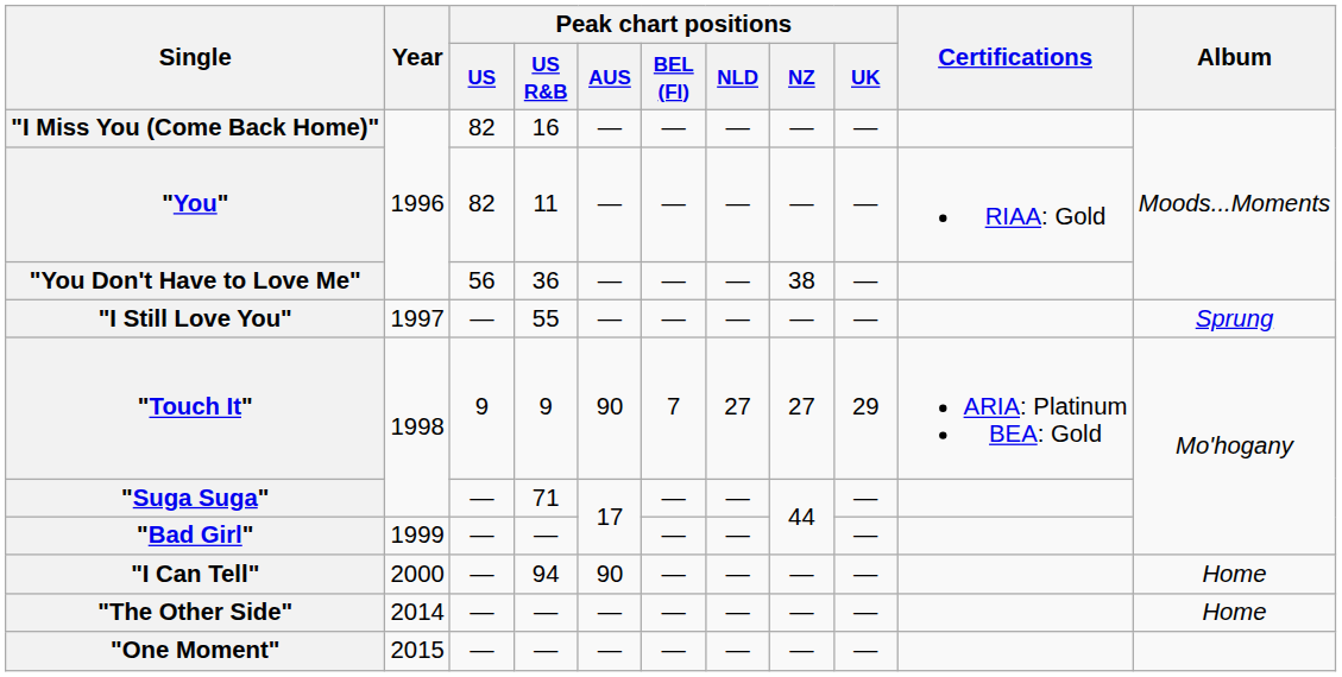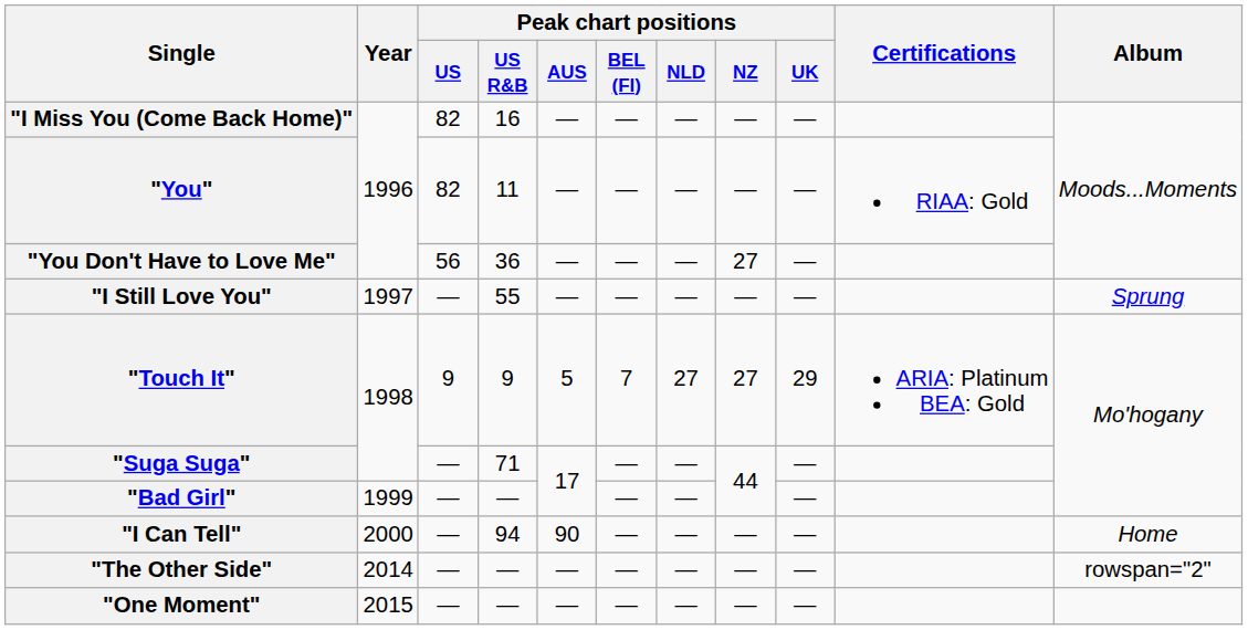 <table class="wikitable plainrowheaders" style="text-align:center;">
 <tr>
 <th rowspan="2">Single</th>
 <th rowspan="2">Year</th>
 <th colspan="7">Peak chart positions</th>
 <th rowspan="2"><a href='#'>Certifications</a></th>
 <th rowspan="2">Album</th>
 </tr>
 <tr>
 <th width="35"><small><a href='#'>US</a></small><br></th>
 <th width="35"><small><a href='#'>US<br>R&B</a></small><br></th>
 <th width="35"><small><a href='#'>AUS</a></small><br></th>
 <th width="35"><small><a href='#'>BEL<br>(Fl)</a></small><br></th>
 <th width="35"><small><a href='#'>NLD</a></small><br></th>
 <th width="35"><small><a href='#'>NZ</a></small><br></th>
 <th width="35"><small><a href='#'>UK</a></small><br></th>
 </tr>
 <tr>
 <th scope="row">"I Miss You (Come Back Home)"</th>
 <td rowspan="3">1996</td>
 <td>82</td>
 <td>16</td>
 <td>—</td>
 <td>—</td>
 <td>—</td>
 <td>—</td>
 <td>—</td>
 <td></td>
 <td rowspan="3"><em>Moods...Moments</em></td>
 </tr>
 <tr>
 <th scope="row">"<a href='#'>You</a>"</th>
 <td>82</td>
 <td>11</td>
 <td>—</td>
 <td>—</td>
 <td>—</td>
 <td>—</td>
 <td>—</td>
 <td><br><ul><li><a href='#'>RIAA</a>: Gold</li></ul></td>
 </tr>
 <tr>
 <th scope="row">"You Don't Have to Love Me"</th>
 <td>56</td>
 <td>36</td>
 <td>—</td>
 <td>—</td>
 <td>—</td>
-<td>38</td>
+<td>27</td>
 <td>—</td>
 <td></td>
 </tr>
 <tr>
 <th scope="row">"I Still Love You"</th>
 <td rowspan="1">1997</td>
 <td>—</td>
 <td>55</td>
 <td>—</td>
 <td>—</td>
 <td>—</td>
 <td>—</td>
 <td>—</td>
 <td></td>
 <td><em><a href='#'>Sprung</a></em></td>
 </tr>
 <tr>
 <th scope="row">"<a href='#'>Touch It</a>"</th>
 <td rowspan="2">1998</td>
 <td>9</td>
 <td>9</td>
-<td>90</td>
+<td>5</td>
 <td>7</td>
 <td>27</td>
 <td>27</td>
 <td>29</td>
 <td><br><ul><li><a href='#'>ARIA</a>: Platinum</li><li><a href='#'>BEA</a>: Gold</li></ul></td>
 <td rowspan="3"><em>Mo'hogany</em></td>
 </tr>
 <tr>
 <th scope="row">"<a href='#'>Suga Suga</a>"</th>
 <td>—</td>
 <td>71</td>
 <td rowspan="2">17</td>
 <td>—</td>
 <td>—</td>
 <td rowspan="2">44</td>
 <td>—</td>
 <td></td>
 </tr>
 <tr>
 <th scope="row">"<a href='#'>Bad Girl</a>"</th>
 <td rowspan="1">1999</td>
 <td>—</td>
 <td>—</td>
 <td>—</td>
 <td>—</td>
 <td>—</td>
 <td></td>
 </tr>
 <tr>
 <th scope="row">"I Can Tell"</th>
 <td>2000</td>
 <td>—</td>
 <td>94</td>
 <td>90</td>
 <td>—</td>
 <td>—</td>
 <td>—</td>
 <td>—</td>
 <td></td>
 <td><em>Home</em></td>
 </tr>
 <tr>
 <th scope="row">"The Other Side"</th>
 <td>2014</td>
 <td>—</td>
 <td>—</td>
 <td>—</td>
 <td>—</td>
 <td>—</td>
 <td>—</td>
 <td>—</td>
 <td></td>
-<td><em>Home</em></td>
+<td>rowspan="2" </td>
 </tr>
 <tr>
 <th scope="row">"One Moment"</th>
 <td>2015</td>
 <td>—</td>
 <td>—</td>
 <td>—</td>
 <td>—</td>
 <td>—</td>
 <td>—</td>
 <td>—</td>
 <td></td>
 </tr>
 </table>
